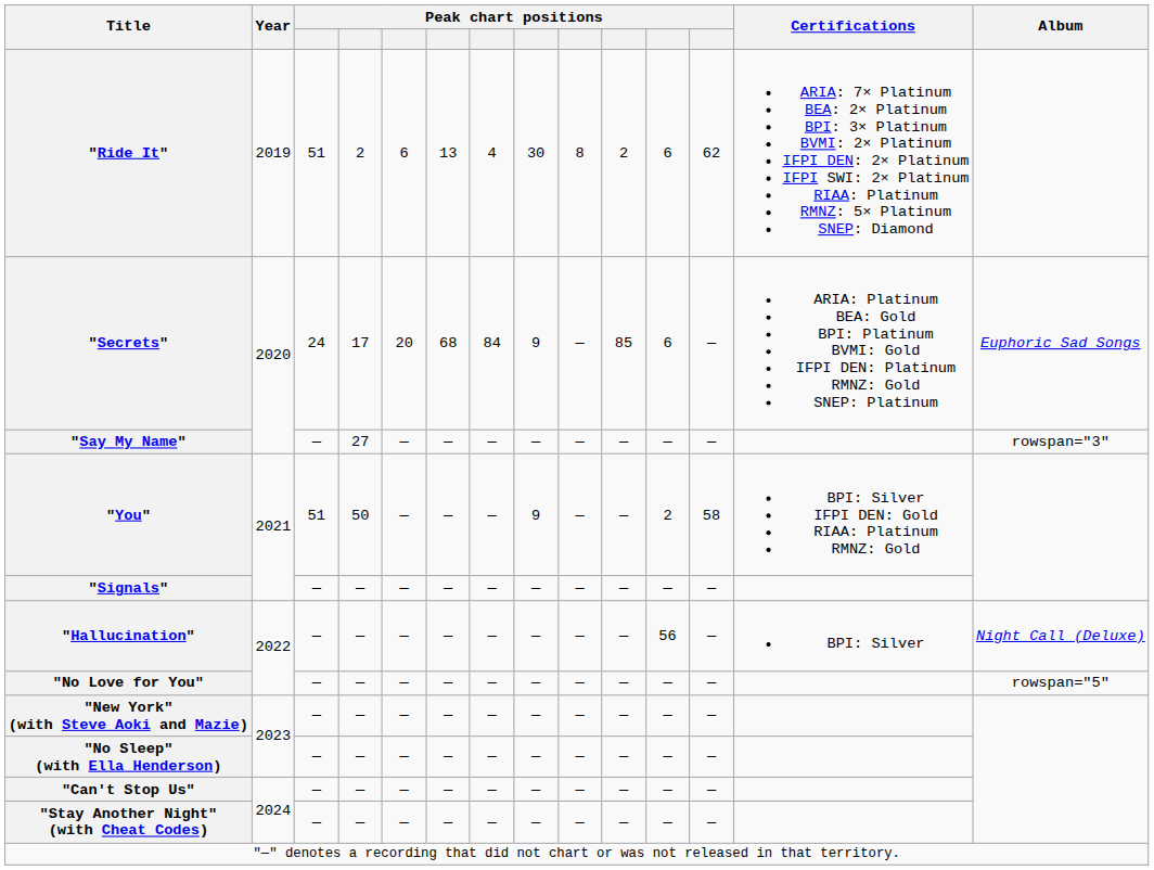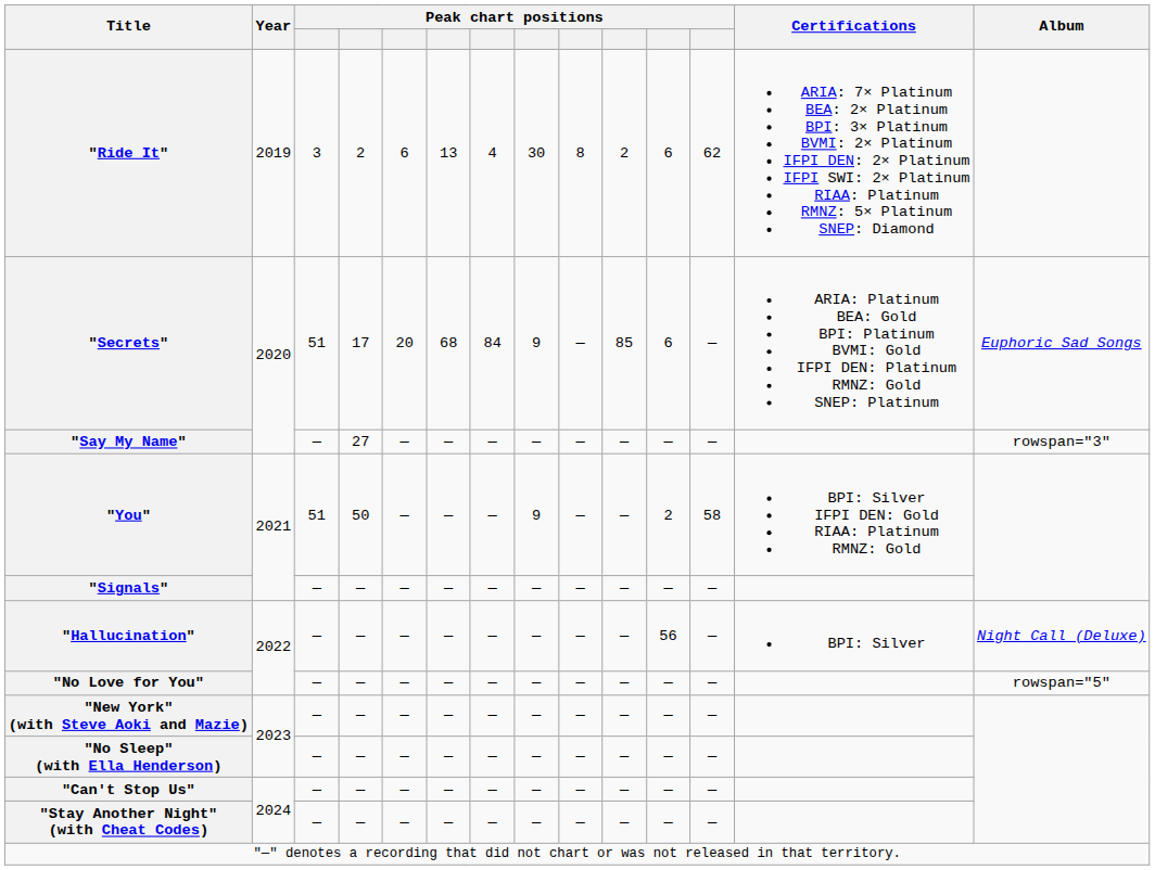 <table class="wikitable plainrowheaders" style="text-align:center;">
 <tr>
 <th scope="col" rowspan="2">Title</th>
 <th scope="col" rowspan="2">Year</th>
 <th scope="col" colspan="10">Peak chart positions</th>
 <th scope="col" rowspan="2"><a href='#'>Certifications</a></th>
 <th scope="col" rowspan="2">Album</th>
 </tr>
 <tr>
 <th style="width:3em; font-size:85%;"><a href='#'></a><br></th>
 <th style="width:3em; font-size:85%;"><a href='#'></a><br></th>
 <th style="width:3em; font-size:85%;"><a href='#'></a><br></th>
 <th style="width:3em; font-size:85%;"><a href='#'></a><br></th>
 <th style="width:3em; font-size:85%;"><a href='#'></a><br></th>
 <th style="width:3em; font-size:85%;"><a href='#'></a><br></th>
 <th style="width:3em; font-size:85%;"><a href='#'></a><br></th>
 <th style="width:3em; font-size:85%;"><a href='#'></a><br></th>
 <th style="width:3em; font-size:85%;"><a href='#'></a><br></th>
 <th style="width:3em; font-size:85%;"><a href='#'></a><br></th>
 </tr>
 <tr>
 <th scope="row">"<a href='#'>Ride It</a>"</th>
 <td rowspan="1">2019</td>
-<td>51</td>
+<td>3</td>
 <td>2</td>
 <td>6</td>
 <td>13</td>
 <td>4</td>
 <td>30</td>
 <td>8</td>
 <td>2</td>
 <td>6</td>
 <td>62</td>
 <td><br><ul><li><a href='#'>ARIA</a>: 7× Platinum</li><li><a href='#'>BEA</a>: 2× Platinum</li><li><a href='#'>BPI</a>: 3× Platinum</li><li><a href='#'>BVMI</a>: 2× Platinum</li><li><a href='#'>IFPI DEN</a>: 2× Platinum</li><li><a href='#'>IFPI</a> SWI: 2× Platinum</li><li><a href='#'>RIAA</a>: Platinum</li><li><a href='#'>RMNZ</a>: 5× Platinum</li><li><a href='#'>SNEP</a>: Diamond</li></ul></td>
 <td></td>
 </tr>
 <tr>
 <th scope="row">"<a href='#'>Secrets</a>"<br></th>
 <td rowspan="2">2020</td>
-<td>24</td>
+<td>51</td>
 <td>17</td>
 <td>20</td>
 <td>68</td>
 <td>84</td>
 <td>9</td>
 <td>—</td>
 <td>85</td>
 <td>6</td>
 <td>—</td>
 <td><br><ul><li>ARIA: Platinum</li><li>BEA: Gold</li><li>BPI: Platinum</li><li>BVMI: Gold</li><li>IFPI DEN: Platinum</li><li>RMNZ: Gold</li><li>SNEP: Platinum</li></ul></td>
 <td><em><a href='#'>Euphoric Sad Songs</a></em></td>
 </tr>
 <tr>
 <th scope="row">"<a href='#'>Say My Name</a>"<br></th>
 <td>—</td>
 <td>27</td>
 <td>—</td>
 <td>—</td>
 <td>—</td>
 <td>—</td>
 <td>—</td>
 <td>—</td>
 <td>—</td>
 <td>—</td>
 <td></td>
 <td>rowspan="3" </td>
 </tr>
 <tr>
 <th scope="row">"<a href='#'>You</a>"<br></th>
 <td rowspan="2">2021</td>
 <td>51</td>
 <td>50</td>
 <td>—</td>
 <td>—</td>
 <td>—</td>
 <td>9</td>
 <td>—</td>
 <td>—</td>
 <td>2</td>
 <td>58</td>
 <td><br><ul><li>BPI: Silver</li><li>IFPI DEN: Gold</li><li>RIAA: Platinum</li><li>RMNZ: Gold</li></ul></td>
 </tr>
 <tr>
 <th scope="row">"<a href='#'>Signals</a>"<br></th>
 <td>—</td>
 <td>—</td>
 <td>—</td>
 <td>—</td>
 <td>—</td>
 <td>—</td>
 <td>—</td>
 <td>—</td>
 <td>—</td>
 <td>—</td>
 <td></td>
 </tr>
 <tr>
 <th scope="row">"<a href='#'>Hallucination</a>"<br></th>
 <td rowspan="2">2022</td>
 <td>—</td>
 <td>—</td>
 <td>—</td>
 <td>—</td>
 <td>—</td>
 <td>—</td>
 <td>—</td>
 <td>—</td>
 <td>56</td>
 <td>—</td>
 <td><br><ul><li>BPI: Silver</li></ul></td>
 <td><em><a href='#'>Night Call (Deluxe)</a></em></td>
 </tr>
 <tr>
 <th scope="row">"No Love for You"<br></th>
 <td>—</td>
 <td>—</td>
 <td>—</td>
 <td>—</td>
 <td>—</td>
 <td>—</td>
 <td>—</td>
 <td>—</td>
 <td>—</td>
 <td>—</td>
 <td></td>
 <td>rowspan="5" </td>
 </tr>
 <tr>
 <th scope="row">"New York" <br><span>(with <a href='#'>Steve Aoki</a> and <a href='#'>Mazie</a>)</span></th>
 <td rowspan="2">2023</td>
 <td>—</td>
 <td>—</td>
 <td>—</td>
 <td>—</td>
 <td>—</td>
 <td>—</td>
 <td>—</td>
 <td>—</td>
 <td>—</td>
 <td>—</td>
 <td></td>
 </tr>
 <tr>
 <th scope="row">"No Sleep"<br><span>(with <a href='#'>Ella Henderson</a>)</span></th>
 <td>—</td>
 <td>—</td>
 <td>—</td>
 <td>—</td>
 <td>—</td>
 <td>—</td>
 <td>—</td>
 <td>—</td>
 <td>—</td>
 <td>—</td>
 <td></td>
 </tr>
 <tr>
 <th scope="row">"Can't Stop Us"</th>
 <td rowspan="2">2024</td>
 <td>—</td>
 <td>—</td>
 <td>—</td>
 <td>—</td>
 <td>—</td>
 <td>—</td>
 <td>—</td>
 <td>—</td>
 <td>—</td>
 <td>—</td>
 <td></td>
 </tr>
 <tr>
 <th scope="row">"Stay Another Night"<br><span>(with <a href='#'>Cheat Codes</a>)</span></th>
 <td>—</td>
 <td>—</td>
 <td>—</td>
 <td>—</td>
 <td>—</td>
 <td>—</td>
 <td>—</td>
 <td>—</td>
 <td>—</td>
 <td>—</td>
 <td></td>
 </tr>
 <tr>
 <td colspan="20" style="font-size:90%">"—" denotes a recording that did not chart or was not released in that territory.</td>
 </tr>
 </table>
